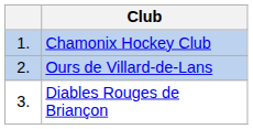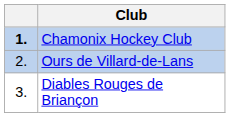 <table class="wikitable">
 <tr>
 <th width="30"></th>
 <th width="200">Club</th>
 </tr>
 <tr bgcolor="#BCD2EE" align="center">
-<td>1.</td>
+<td><strong>1.</strong></td>
 <td align="left"><a href='#'>Chamonix Hockey Club</a></td>
 </tr>
 <tr bgcolor="#BCD2EE" align="center">
 <td>2.</td>
 <td align="left"><a href='#'>Ours de Villard-de-Lans</a></td>
 </tr>
 <tr bgcolor="#FFFFFF" align="center">
 <td>3.</td>
 <td align="left"><a href='#'>Diables Rouges de Briançon</a></td>
 </tr>
 </table>
